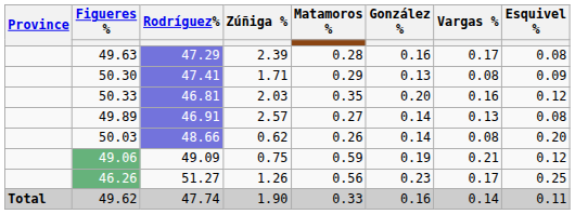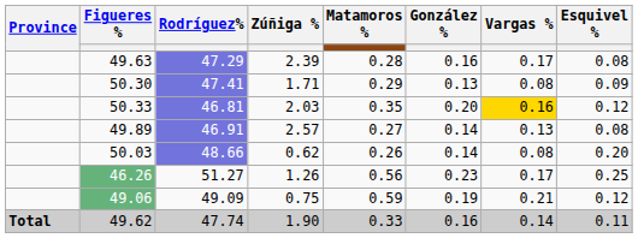 <table class="wikitable sortable" style="text-align:right; font-size:95%">
 <tr>
 <th rowspan=2><a href='#'>Province</a></th>
 <th width=60px><a href='#'>Figueres</a> %</th>
 <th width=60px><a href='#'>Rodríguez</a>%</th>
 <th width=60px>Zúñiga %</th>
 <th width=60px>Matamoros %</th>
 <th width=60px>González %</th>
 <th width=60px>Vargas %</th>
 <th width=60px>Esquivel %</th>
 </tr>
 <tr>
 <th style="background:"></th>
 <th style="background:"></th>
 <th style="background:"></th>
 <th style="background:saddlebrown"></th>
 <th style="background:"></th>
 <th style="background:"></th>
 <th style="background:"></th>
 </tr>
 <tr>
 <td align="left"></td>
 <td style="background:">49.63</td>
 <td style="background:#7373dc; color:white;">47.29</td>
 <td>2.39</td>
 <td>0.28</td>
 <td>0.16</td>
 <td>0.17</td>
 <td>0.08</td>
 </tr>
 <tr>
 <td align="left"></td>
 <td style="background:">50.30</td>
 <td style="background:#7373dc; color:white;">47.41</td>
 <td>1.71</td>
 <td>0.29</td>
 <td>0.13</td>
 <td>0.08</td>
 <td>0.09</td>
 </tr>
 <tr>
 <td align="left"></td>
 <td style="background:">50.33</td>
 <td style="background:#7373dc; color:white;">46.81</td>
 <td>2.03</td>
 <td>0.35</td>
 <td>0.20</td>
-<td>0.16</td>
+<td style="background: gold;">0.16</td>
 <td>0.12</td>
 </tr>
 <tr>
 <td align="left"></td>
 <td style="background:">49.89</td>
 <td style="background:#7373dc; color:white;">46.91</td>
 <td>2.57</td>
 <td>0.27</td>
 <td>0.14</td>
 <td>0.13</td>
 <td>0.08</td>
 </tr>
 <tr>
 <td align="left"></td>
 <td style="background:">50.03</td>
 <td style="background:#7373dc; color:white;">48.66</td>
 <td>0.62</td>
 <td>0.26</td>
 <td>0.14</td>
 <td>0.08</td>
 <td>0.20</td>
 </tr>
 <tr>
 <td align="left"></td>
+<td style="background:#66B27B; color:white;">46.26</td>
+<td style="background:">51.27</td>
+<td>1.26</td>
+<td>0.56</td>
+<td>0.23</td>
+<td>0.17</td>
+<td>0.25</td>
+</tr>
+<tr>
+<td align="left"></td>
 <td style="background:#66B27B; color:white;">49.06</td>
 <td style="background:">49.09</td>
 <td>0.75</td>
 <td>0.59</td>
 <td>0.19</td>
 <td>0.21</td>
 <td>0.12</td>
-</tr>
-<tr>
-<td align="left"></td>
-<td style="background:#66B27B; color:white;">46.26</td>
-<td style="background:">51.27</td>
-<td>1.26</td>
-<td>0.56</td>
-<td>0.23</td>
-<td>0.17</td>
-<td>0.25</td>
 </tr>
 <tr style="background:#CDCDCD;">
 <td align="left"><strong>Total</strong></td>
 <td style="background:">49.62</td>
 <td>47.74</td>
 <td>1.90</td>
 <td>0.33</td>
 <td>0.16</td>
 <td>0.14</td>
 <td>0.11</td>
 </tr>
 </table>
